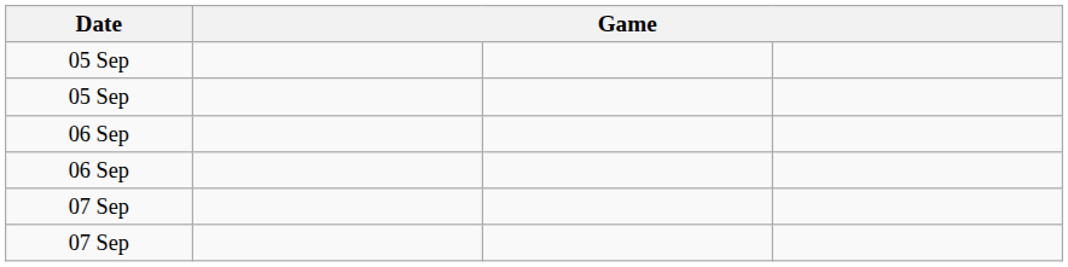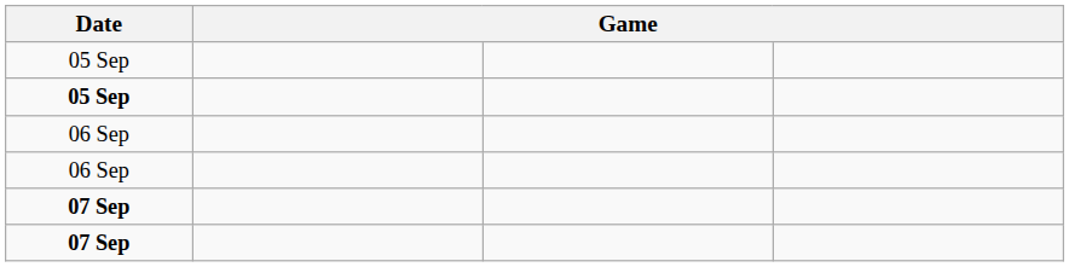 <table width=730 class="wikitable">
 <tr>
 <th width=15%>Date</th>
 <th width=70% colspan=3>Game</th>
 </tr>
 <tr style=font-size:95%>
 <td align=center>05 Sep</td>
 <td align=center><strong></strong></td>
 <td></td>
 <td></td>
 </tr>
 <tr style=font-size:95%>
-<td align=center>05 Sep</td>
+<td align=center><strong>05 Sep</strong></td>
 <td align=center><strong></strong></td>
 <td></td>
 <td></td>
 </tr>
 <tr style=font-size:95%>
 <td align=center>06 Sep</td>
 <td align=center><strong></strong></td>
 <td></td>
 <td></td>
 </tr>
 <tr style=font-size:95%>
 <td align=center>06 Sep</td>
 <td align=center><strong></strong></td>
 <td></td>
 <td></td>
 </tr>
 <tr style=font-size:95%>
-<td align=center>07 Sep</td>
+<td align=center><strong>07 Sep</strong></td>
 <td align=center><strong></strong></td>
 <td></td>
 <td></td>
 </tr>
 <tr style=font-size:95%>
-<td align=center>07 Sep</td>
+<td align=center><strong>07 Sep</strong></td>
 <td align=center><strong></strong></td>
 <td></td>
 <td></td>
 </tr>
 </table>
